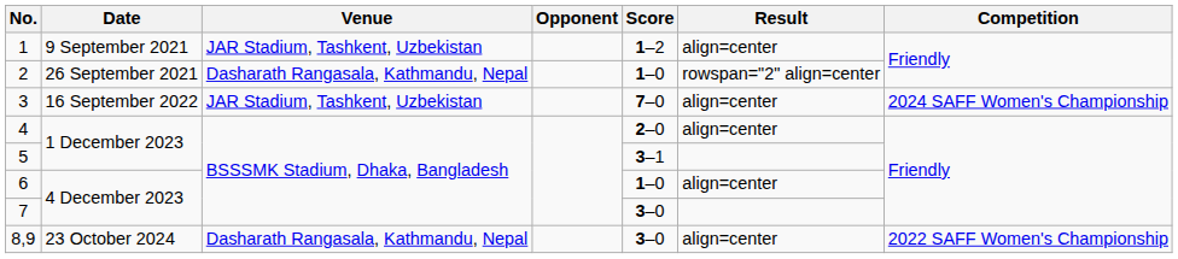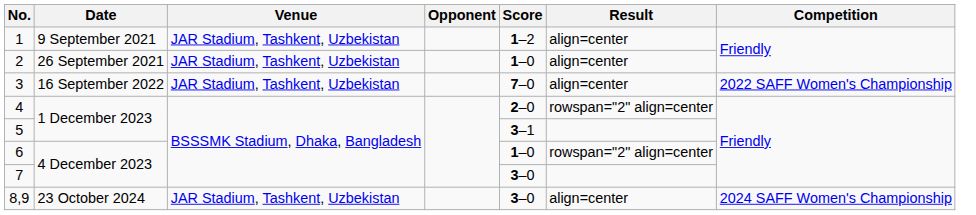 <table class=" wikitable">
 <tr>
 <th>No.</th>
 <th>Date</th>
 <th>Venue</th>
 <th>Opponent</th>
 <th>Score</th>
 <th>Result</th>
 <th>Competition</th>
 </tr>
 <tr>
 <td align=center>1</td>
 <td>9 September 2021</td>
 <td><a href='#'>JAR Stadium</a>, <a href='#'>Tashkent</a>, <a href='#'>Uzbekistan</a></td>
 <td></td>
 <td align=center><strong>1</strong>–2</td>
 <td>align=center </td>
 <td rowspan=2><a href='#'>Friendly</a></td>
 </tr>
 <tr>
 <td align=center>2</td>
 <td>26 September 2021</td>
-<td><a href='#'>Dasharath Rangasala</a>, <a href='#'>Kathmandu</a>, <a href='#'>Nepal</a></td>
+<td><a href='#'>JAR Stadium</a>, <a href='#'>Tashkent</a>, <a href='#'>Uzbekistan</a></td>
 <td></td>
 <td align=center><strong>1</strong>–0</td>
-<td>rowspan="2" align=center </td>
+<td>align=center </td>
 </tr>
 <tr>
 <td align=center>3</td>
 <td>16 September 2022</td>
 <td><a href='#'>JAR Stadium</a>, <a href='#'>Tashkent</a>, <a href='#'>Uzbekistan</a></td>
 <td></td>
 <td align=center><strong>7</strong>–0</td>
 <td>align=center </td>
-<td><a href='#'>2024 SAFF Women's Championship</a></td>
+<td><a href='#'>2022 SAFF Women's Championship</a></td>
 </tr>
 <tr>
 <td align=center>4</td>
 <td rowspan="2">1 December 2023</td>
 <td rowspan="4"><a href='#'>BSSSMK Stadium</a>, <a href='#'>Dhaka</a>, <a href='#'>Bangladesh</a></td>
 <td rowspan="4"></td>
 <td align=center><strong>2</strong>–0</td>
-<td>align=center </td>
+<td>rowspan="2" align=center </td>
 <td rowspan="4"><a href='#'>Friendly</a></td>
 </tr>
 <tr>
 <td align=center>5</td>
 <td align=center><strong>3</strong>–1</td>
 </tr>
 <tr>
 <td align=center>6</td>
 <td rowspan="2">4 December 2023</td>
 <td align=center><strong>1</strong>–0</td>
-<td>align=center </td>
+<td>rowspan="2" align=center </td>
 </tr>
 <tr>
 <td align=center>7</td>
 <td align=center><strong>3</strong>–0</td>
 </tr>
 <tr>
 <td align=center>8,9</td>
 <td>23 October 2024</td>
-<td><a href='#'>Dasharath Rangasala</a>, <a href='#'>Kathmandu</a>, <a href='#'>Nepal</a></td>
+<td><a href='#'>JAR Stadium</a>, <a href='#'>Tashkent</a>, <a href='#'>Uzbekistan</a></td>
 <td></td>
 <td align=center><strong>3</strong>–0</td>
 <td>align=center </td>
-<td><a href='#'>2022 SAFF Women's Championship</a></td>
+<td><a href='#'>2024 SAFF Women's Championship</a></td>
 </tr>
 </table>
